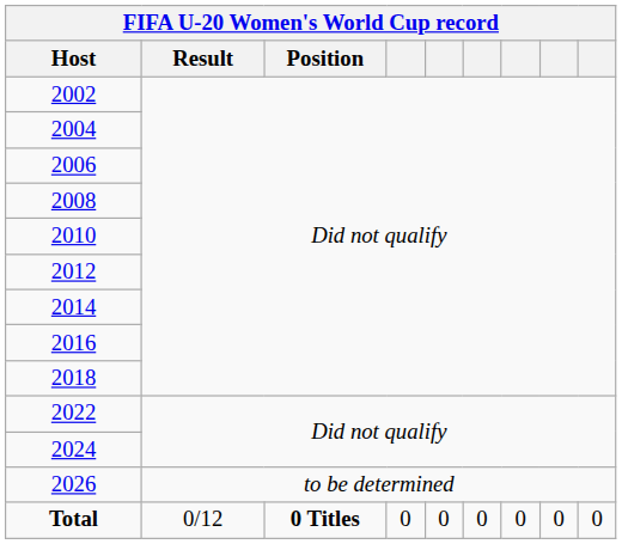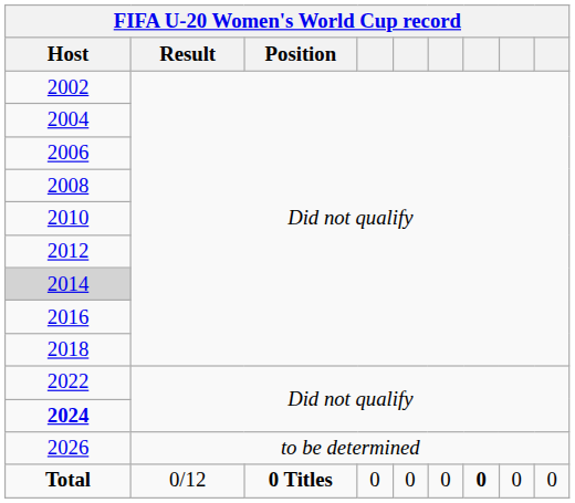 <table class="wikitable collapsible" style="text-align: center;">
 <tr>
 <th colspan=9 style=><a href='#'>FIFA U-20 Women's World Cup record</a></th>
 </tr>
 <tr>
 <th width="90">Host</th>
 <th width="80">Result</th>
 <th width="80">Position</th>
 <th width="20"></th>
 <th width="20"></th>
 <th width="20"></th>
 <th width="20"></th>
 <th width="20"></th>
 <th width="20"></th>
 </tr>
 <tr>
 <td> <a href='#'>2002</a></td>
 <td rowspan=9 colspan=9><em>Did not qualify</em></td>
 </tr>
 <tr>
 <td> <a href='#'>2004</a></td>
 </tr>
 <tr>
 <td> <a href='#'>2006</a></td>
 </tr>
 <tr>
 <td> <a href='#'>2008</a></td>
 </tr>
 <tr>
 <td> <a href='#'>2010</a></td>
 </tr>
 <tr>
 <td> <a href='#'>2012</a></td>
 </tr>
 <tr>
-<td> <a href='#'>2014</a></td>
+<td style="background: lightgrey;"> <a href='#'>2014</a></td>
 </tr>
 <tr>
 <td> <a href='#'>2016</a></td>
 </tr>
 <tr>
 <td> <a href='#'>2018</a></td>
 </tr>
 <tr>
 <td> <a href='#'>2022</a></td>
 <td colspan=10 rowspan=2><em>Did not qualify</em></td>
 </tr>
 <tr>
-<td> <a href='#'>2024</a></td>
+<td><strong> <a href='#'>2024</a></strong></td>
 </tr>
 <tr>
 <td> <a href='#'>2026</a></td>
 <td colspan=10><em>to be determined</em></td>
 </tr>
 <tr>
 <td><strong>Total</strong></td>
 <td>0/12</td>
 <td><strong>0 Titles</strong></td>
 <td>0</td>
 <td>0</td>
 <td>0</td>
-<td>0</td>
+<td><strong>0</strong></td>
 <td>0</td>
 <td>0</td>
 </tr>
 </table>
